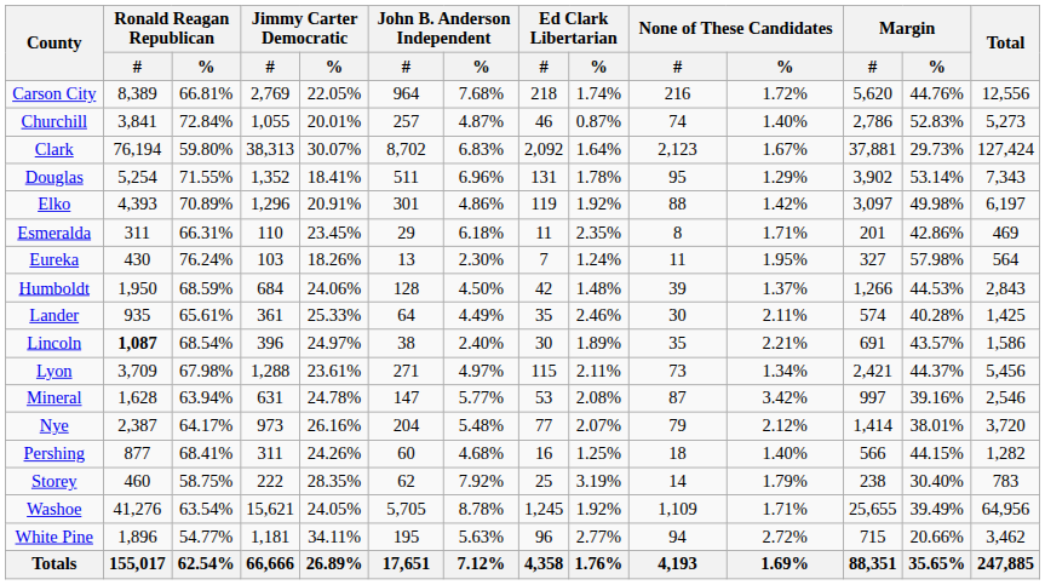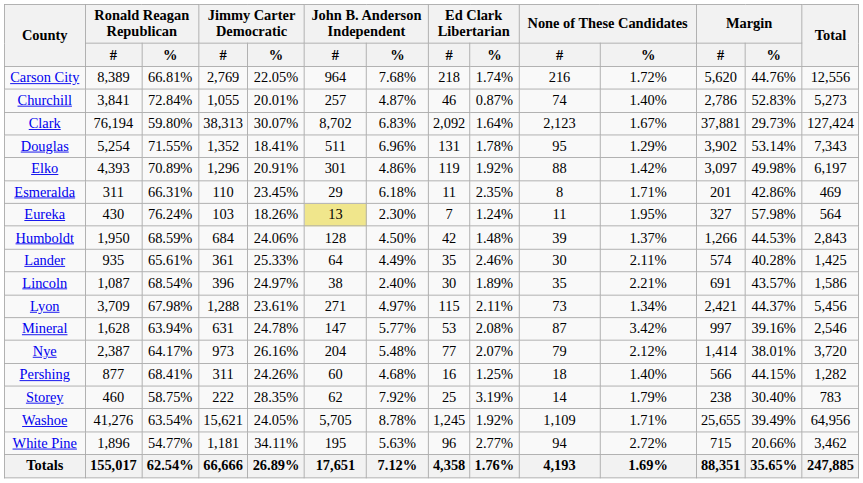 <table width="60%" class="wikitable sortable">
 <tr>
 <th style="text-align:center;" rowspan="2">County</th>
 <th style="text-align:center;" colspan="2">Ronald Reagan<br>Republican</th>
 <th style="text-align:center;" colspan="2">Jimmy Carter<br>Democratic</th>
 <th style="text-align:center;" colspan="2">John B. Anderson<br>Independent</th>
 <th style="text-align:center;" colspan="2">Ed Clark<br>Libertarian</th>
 <th style="text-align:center;" colspan="2">None of These Candidates<br></th>
 <th style="text-align:center;" colspan="2">Margin</th>
 <th style="text-align:center;" rowspan="2">Total</th>
 </tr>
 <tr>
 <th style="text-align:center;" data-sort-type="number">#</th>
 <th style="text-align:center;" data-sort-type="number">%</th>
 <th style="text-align:center;" data-sort-type="number">#</th>
 <th style="text-align:center;" data-sort-type="number">%</th>
 <th style="text-align:center;" data-sort-type="number">#</th>
 <th style="text-align:center;" data-sort-type="number">%</th>
 <th style="text-align:center;" data-sort-type="number">#</th>
 <th style="text-align:center;" data-sort-type="number">%</th>
 <th style="text-align:center;" data-sort-type="number">#</th>
 <th style="text-align:center;" data-sort-type="number">%</th>
 <th style="text-align:center;" data-sort-type="number">#</th>
 <th style="text-align:center;" data-sort-type="number">%</th>
 </tr>
 <tr style="text-align:center;">
 <td><a href='#'>Carson City</a></td>
 <td>8,389</td>
 <td>66.81%</td>
 <td>2,769</td>
 <td>22.05%</td>
 <td>964</td>
 <td>7.68%</td>
 <td>218</td>
 <td>1.74%</td>
 <td>216</td>
 <td>1.72%</td>
 <td>5,620</td>
 <td>44.76%</td>
 <td>12,556</td>
 </tr>
 <tr style="text-align:center;">
 <td><a href='#'>Churchill</a></td>
 <td>3,841</td>
 <td>72.84%</td>
 <td>1,055</td>
 <td>20.01%</td>
 <td>257</td>
 <td>4.87%</td>
 <td>46</td>
 <td>0.87%</td>
 <td>74</td>
 <td>1.40%</td>
 <td>2,786</td>
 <td>52.83%</td>
 <td>5,273</td>
 </tr>
 <tr style="text-align:center;">
 <td><a href='#'>Clark</a></td>
 <td>76,194</td>
 <td>59.80%</td>
 <td>38,313</td>
 <td>30.07%</td>
 <td>8,702</td>
 <td>6.83%</td>
 <td>2,092</td>
 <td>1.64%</td>
 <td>2,123</td>
 <td>1.67%</td>
 <td>37,881</td>
 <td>29.73%</td>
 <td>127,424</td>
 </tr>
 <tr style="text-align:center;">
 <td><a href='#'>Douglas</a></td>
 <td>5,254</td>
 <td>71.55%</td>
 <td>1,352</td>
 <td>18.41%</td>
 <td>511</td>
 <td>6.96%</td>
 <td>131</td>
 <td>1.78%</td>
 <td>95</td>
 <td>1.29%</td>
 <td>3,902</td>
 <td>53.14%</td>
 <td>7,343</td>
 </tr>
 <tr style="text-align:center;">
 <td><a href='#'>Elko</a></td>
 <td>4,393</td>
 <td>70.89%</td>
 <td>1,296</td>
 <td>20.91%</td>
 <td>301</td>
 <td>4.86%</td>
 <td>119</td>
 <td>1.92%</td>
 <td>88</td>
 <td>1.42%</td>
 <td>3,097</td>
 <td>49.98%</td>
 <td>6,197</td>
 </tr>
 <tr style="text-align:center;">
 <td><a href='#'>Esmeralda</a></td>
 <td>311</td>
 <td>66.31%</td>
 <td>110</td>
 <td>23.45%</td>
 <td>29</td>
 <td>6.18%</td>
 <td>11</td>
 <td>2.35%</td>
 <td>8</td>
 <td>1.71%</td>
 <td>201</td>
 <td>42.86%</td>
 <td>469</td>
 </tr>
 <tr style="text-align:center;">
 <td><a href='#'>Eureka</a></td>
 <td>430</td>
 <td>76.24%</td>
 <td>103</td>
 <td>18.26%</td>
-<td>13</td>
+<td style="background: khaki;">13</td>
 <td>2.30%</td>
 <td>7</td>
 <td>1.24%</td>
 <td>11</td>
 <td>1.95%</td>
 <td>327</td>
 <td>57.98%</td>
 <td>564</td>
 </tr>
 <tr style="text-align:center;">
 <td><a href='#'>Humboldt</a></td>
 <td>1,950</td>
 <td>68.59%</td>
 <td>684</td>
 <td>24.06%</td>
 <td>128</td>
 <td>4.50%</td>
 <td>42</td>
 <td>1.48%</td>
 <td>39</td>
 <td>1.37%</td>
 <td>1,266</td>
 <td>44.53%</td>
 <td>2,843</td>
 </tr>
 <tr style="text-align:center;">
 <td><a href='#'>Lander</a></td>
 <td>935</td>
 <td>65.61%</td>
 <td>361</td>
 <td>25.33%</td>
 <td>64</td>
 <td>4.49%</td>
 <td>35</td>
 <td>2.46%</td>
 <td>30</td>
 <td>2.11%</td>
 <td>574</td>
 <td>40.28%</td>
 <td>1,425</td>
 </tr>
 <tr style="text-align:center;">
 <td><a href='#'>Lincoln</a></td>
-<td><strong>1,087</strong></td>
+<td>1,087</td>
 <td>68.54%</td>
 <td>396</td>
 <td>24.97%</td>
 <td>38</td>
 <td>2.40%</td>
 <td>30</td>
 <td>1.89%</td>
 <td>35</td>
 <td>2.21%</td>
 <td>691</td>
 <td>43.57%</td>
 <td>1,586</td>
 </tr>
 <tr style="text-align:center;">
 <td><a href='#'>Lyon</a></td>
 <td>3,709</td>
 <td>67.98%</td>
 <td>1,288</td>
 <td>23.61%</td>
 <td>271</td>
 <td>4.97%</td>
 <td>115</td>
 <td>2.11%</td>
 <td>73</td>
 <td>1.34%</td>
 <td>2,421</td>
 <td>44.37%</td>
 <td>5,456</td>
 </tr>
 <tr style="text-align:center;">
 <td><a href='#'>Mineral</a></td>
 <td>1,628</td>
 <td>63.94%</td>
 <td>631</td>
 <td>24.78%</td>
 <td>147</td>
 <td>5.77%</td>
 <td>53</td>
 <td>2.08%</td>
 <td>87</td>
 <td>3.42%</td>
 <td>997</td>
 <td>39.16%</td>
 <td>2,546</td>
 </tr>
 <tr style="text-align:center;">
 <td><a href='#'>Nye</a></td>
 <td>2,387</td>
 <td>64.17%</td>
 <td>973</td>
 <td>26.16%</td>
 <td>204</td>
 <td>5.48%</td>
 <td>77</td>
 <td>2.07%</td>
 <td>79</td>
 <td>2.12%</td>
 <td>1,414</td>
 <td>38.01%</td>
 <td>3,720</td>
 </tr>
 <tr style="text-align:center;">
 <td><a href='#'>Pershing</a></td>
 <td>877</td>
 <td>68.41%</td>
 <td>311</td>
 <td>24.26%</td>
 <td>60</td>
 <td>4.68%</td>
 <td>16</td>
 <td>1.25%</td>
 <td>18</td>
 <td>1.40%</td>
 <td>566</td>
 <td>44.15%</td>
 <td>1,282</td>
 </tr>
 <tr style="text-align:center;">
 <td><a href='#'>Storey</a></td>
 <td>460</td>
 <td>58.75%</td>
 <td>222</td>
 <td>28.35%</td>
 <td>62</td>
 <td>7.92%</td>
 <td>25</td>
 <td>3.19%</td>
 <td>14</td>
 <td>1.79%</td>
 <td>238</td>
 <td>30.40%</td>
 <td>783</td>
 </tr>
 <tr style="text-align:center;">
 <td><a href='#'>Washoe</a></td>
 <td>41,276</td>
 <td>63.54%</td>
 <td>15,621</td>
 <td>24.05%</td>
 <td>5,705</td>
 <td>8.78%</td>
 <td>1,245</td>
 <td>1.92%</td>
 <td>1,109</td>
 <td>1.71%</td>
 <td>25,655</td>
 <td>39.49%</td>
 <td>64,956</td>
 </tr>
 <tr style="text-align:center;">
 <td><a href='#'>White Pine</a></td>
 <td>1,896</td>
 <td>54.77%</td>
 <td>1,181</td>
 <td>34.11%</td>
 <td>195</td>
 <td>5.63%</td>
 <td>96</td>
 <td>2.77%</td>
 <td>94</td>
 <td>2.72%</td>
 <td>715</td>
 <td>20.66%</td>
 <td>3,462</td>
 </tr>
 <tr style="text-align:center;">
 <th>Totals</th>
 <th>155,017</th>
 <th>62.54%</th>
 <th>66,666</th>
 <th>26.89%</th>
 <th>17,651</th>
 <th>7.12%</th>
 <th>4,358</th>
 <th>1.76%</th>
 <th>4,193</th>
 <th>1.69%</th>
 <th>88,351</th>
 <th>35.65%</th>
 <th>247,885</th>
 </tr>
 </table>
